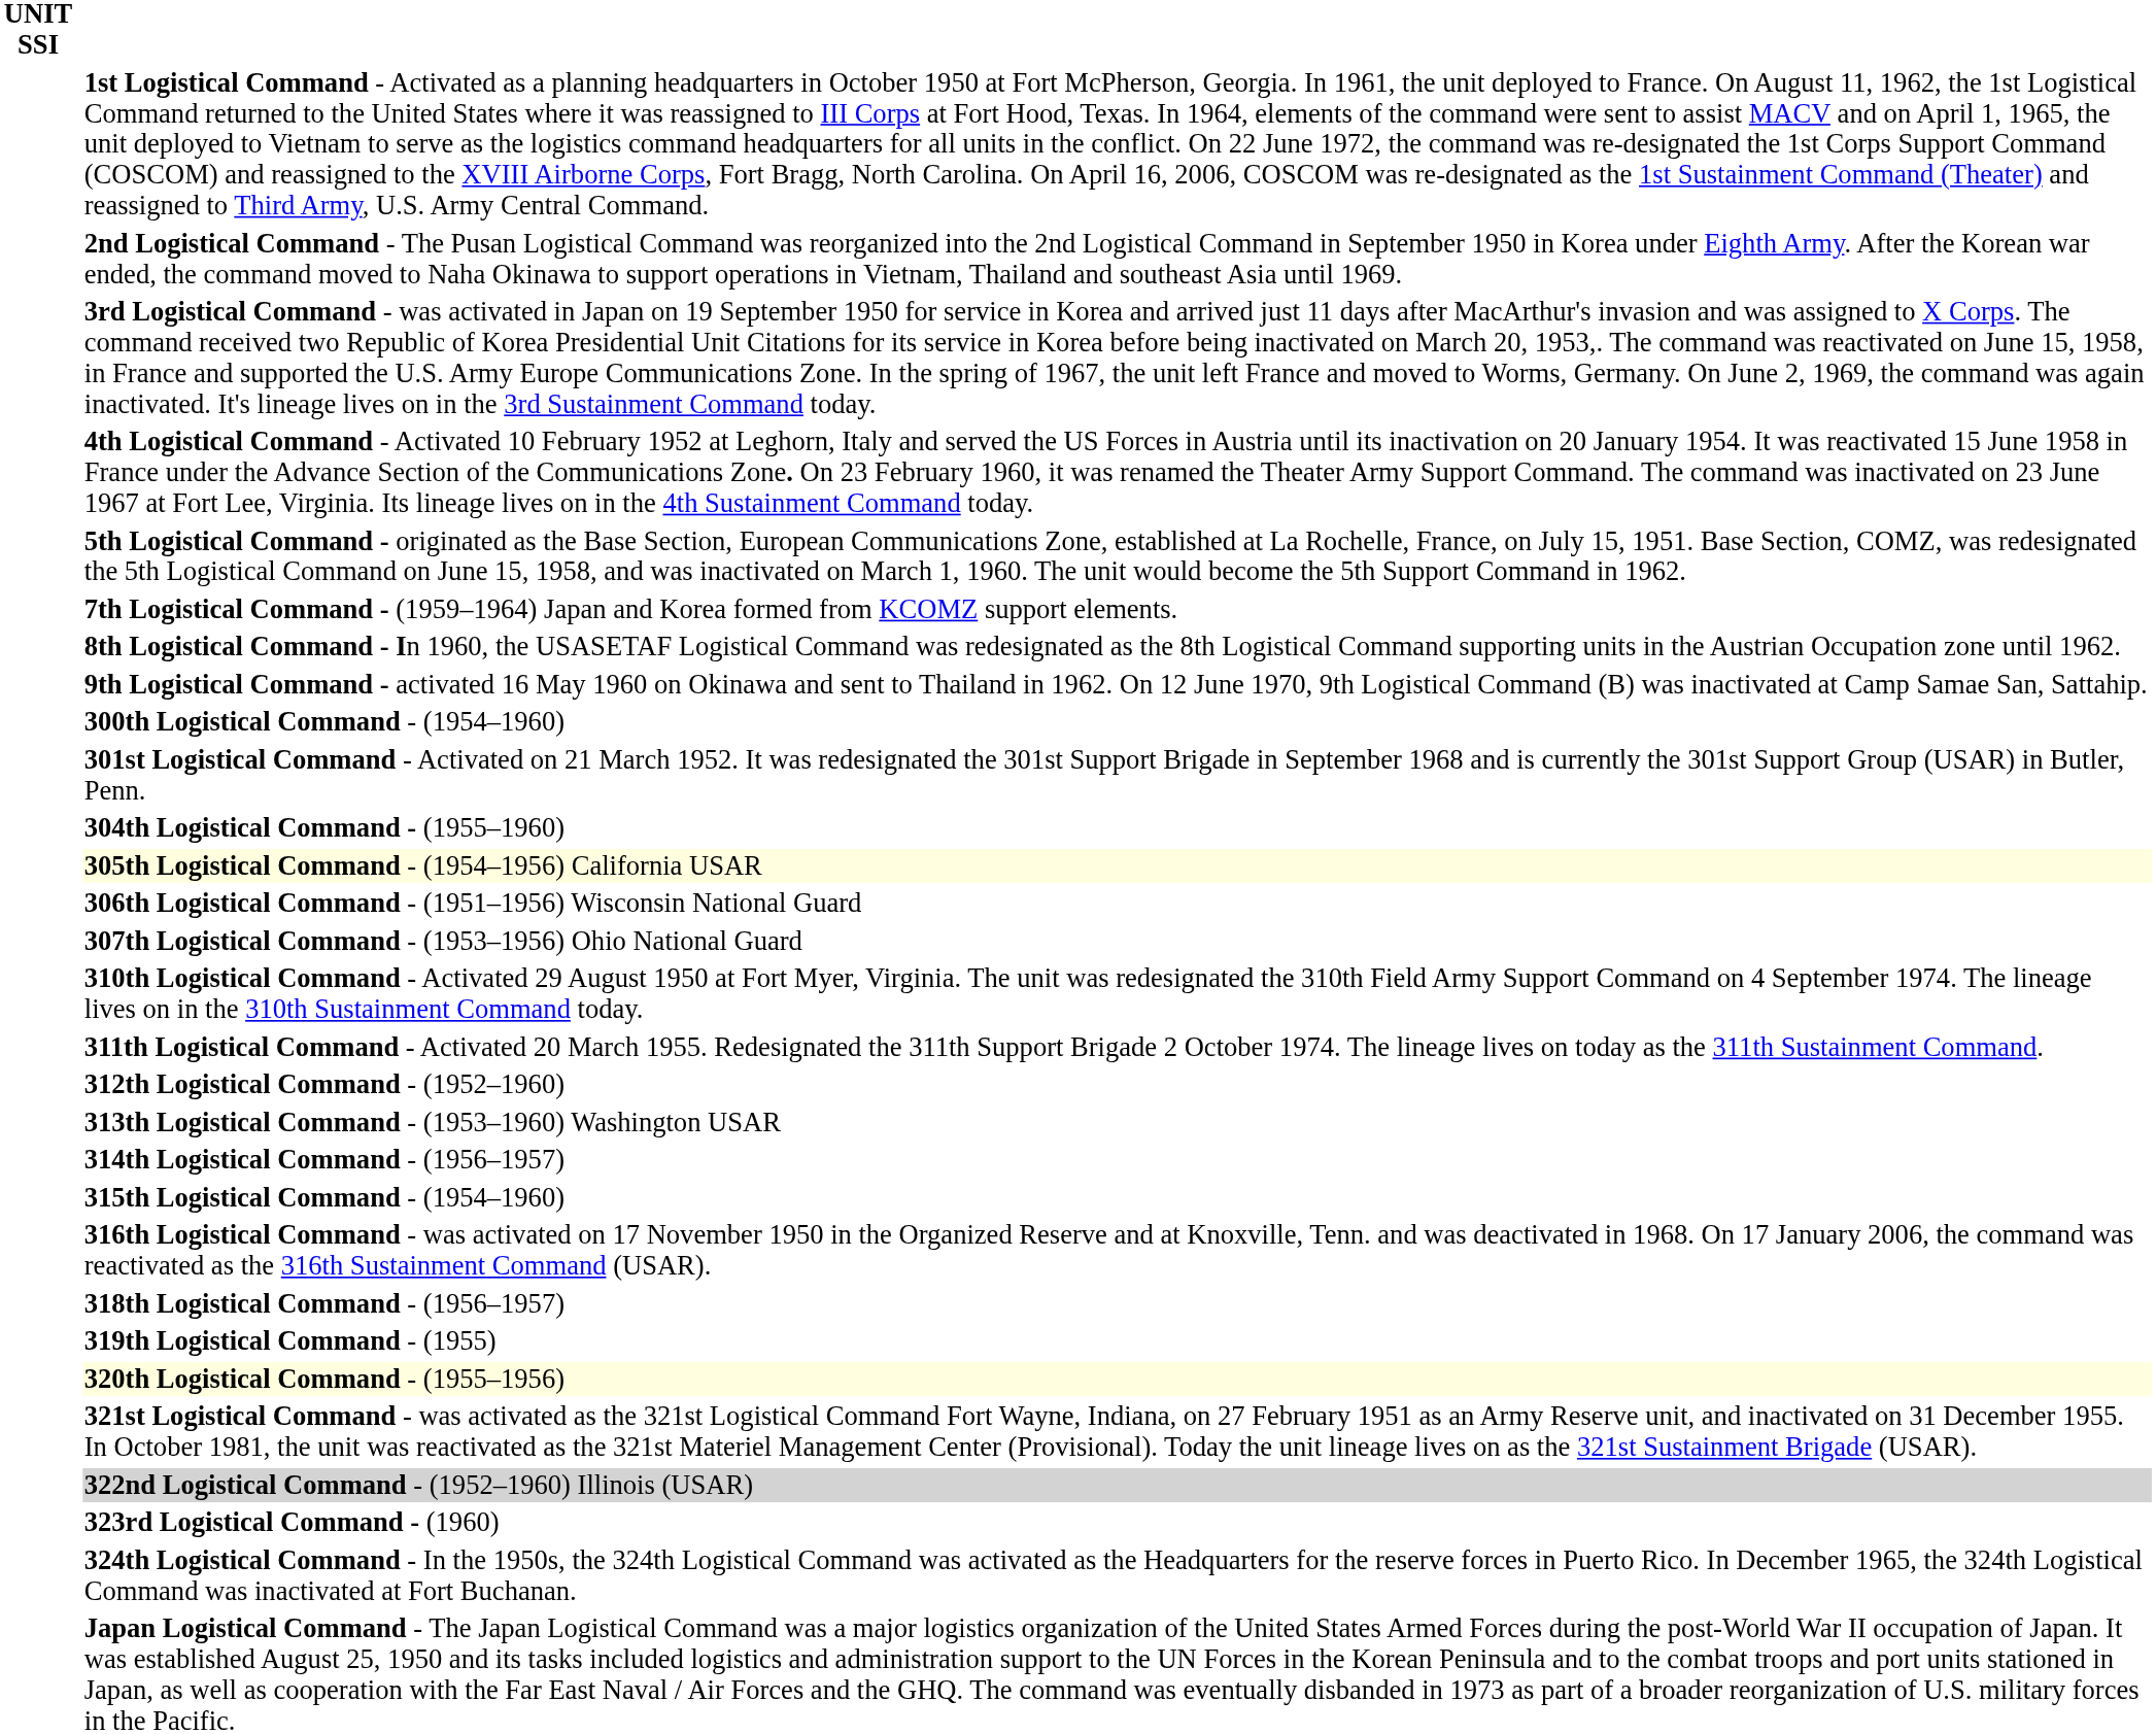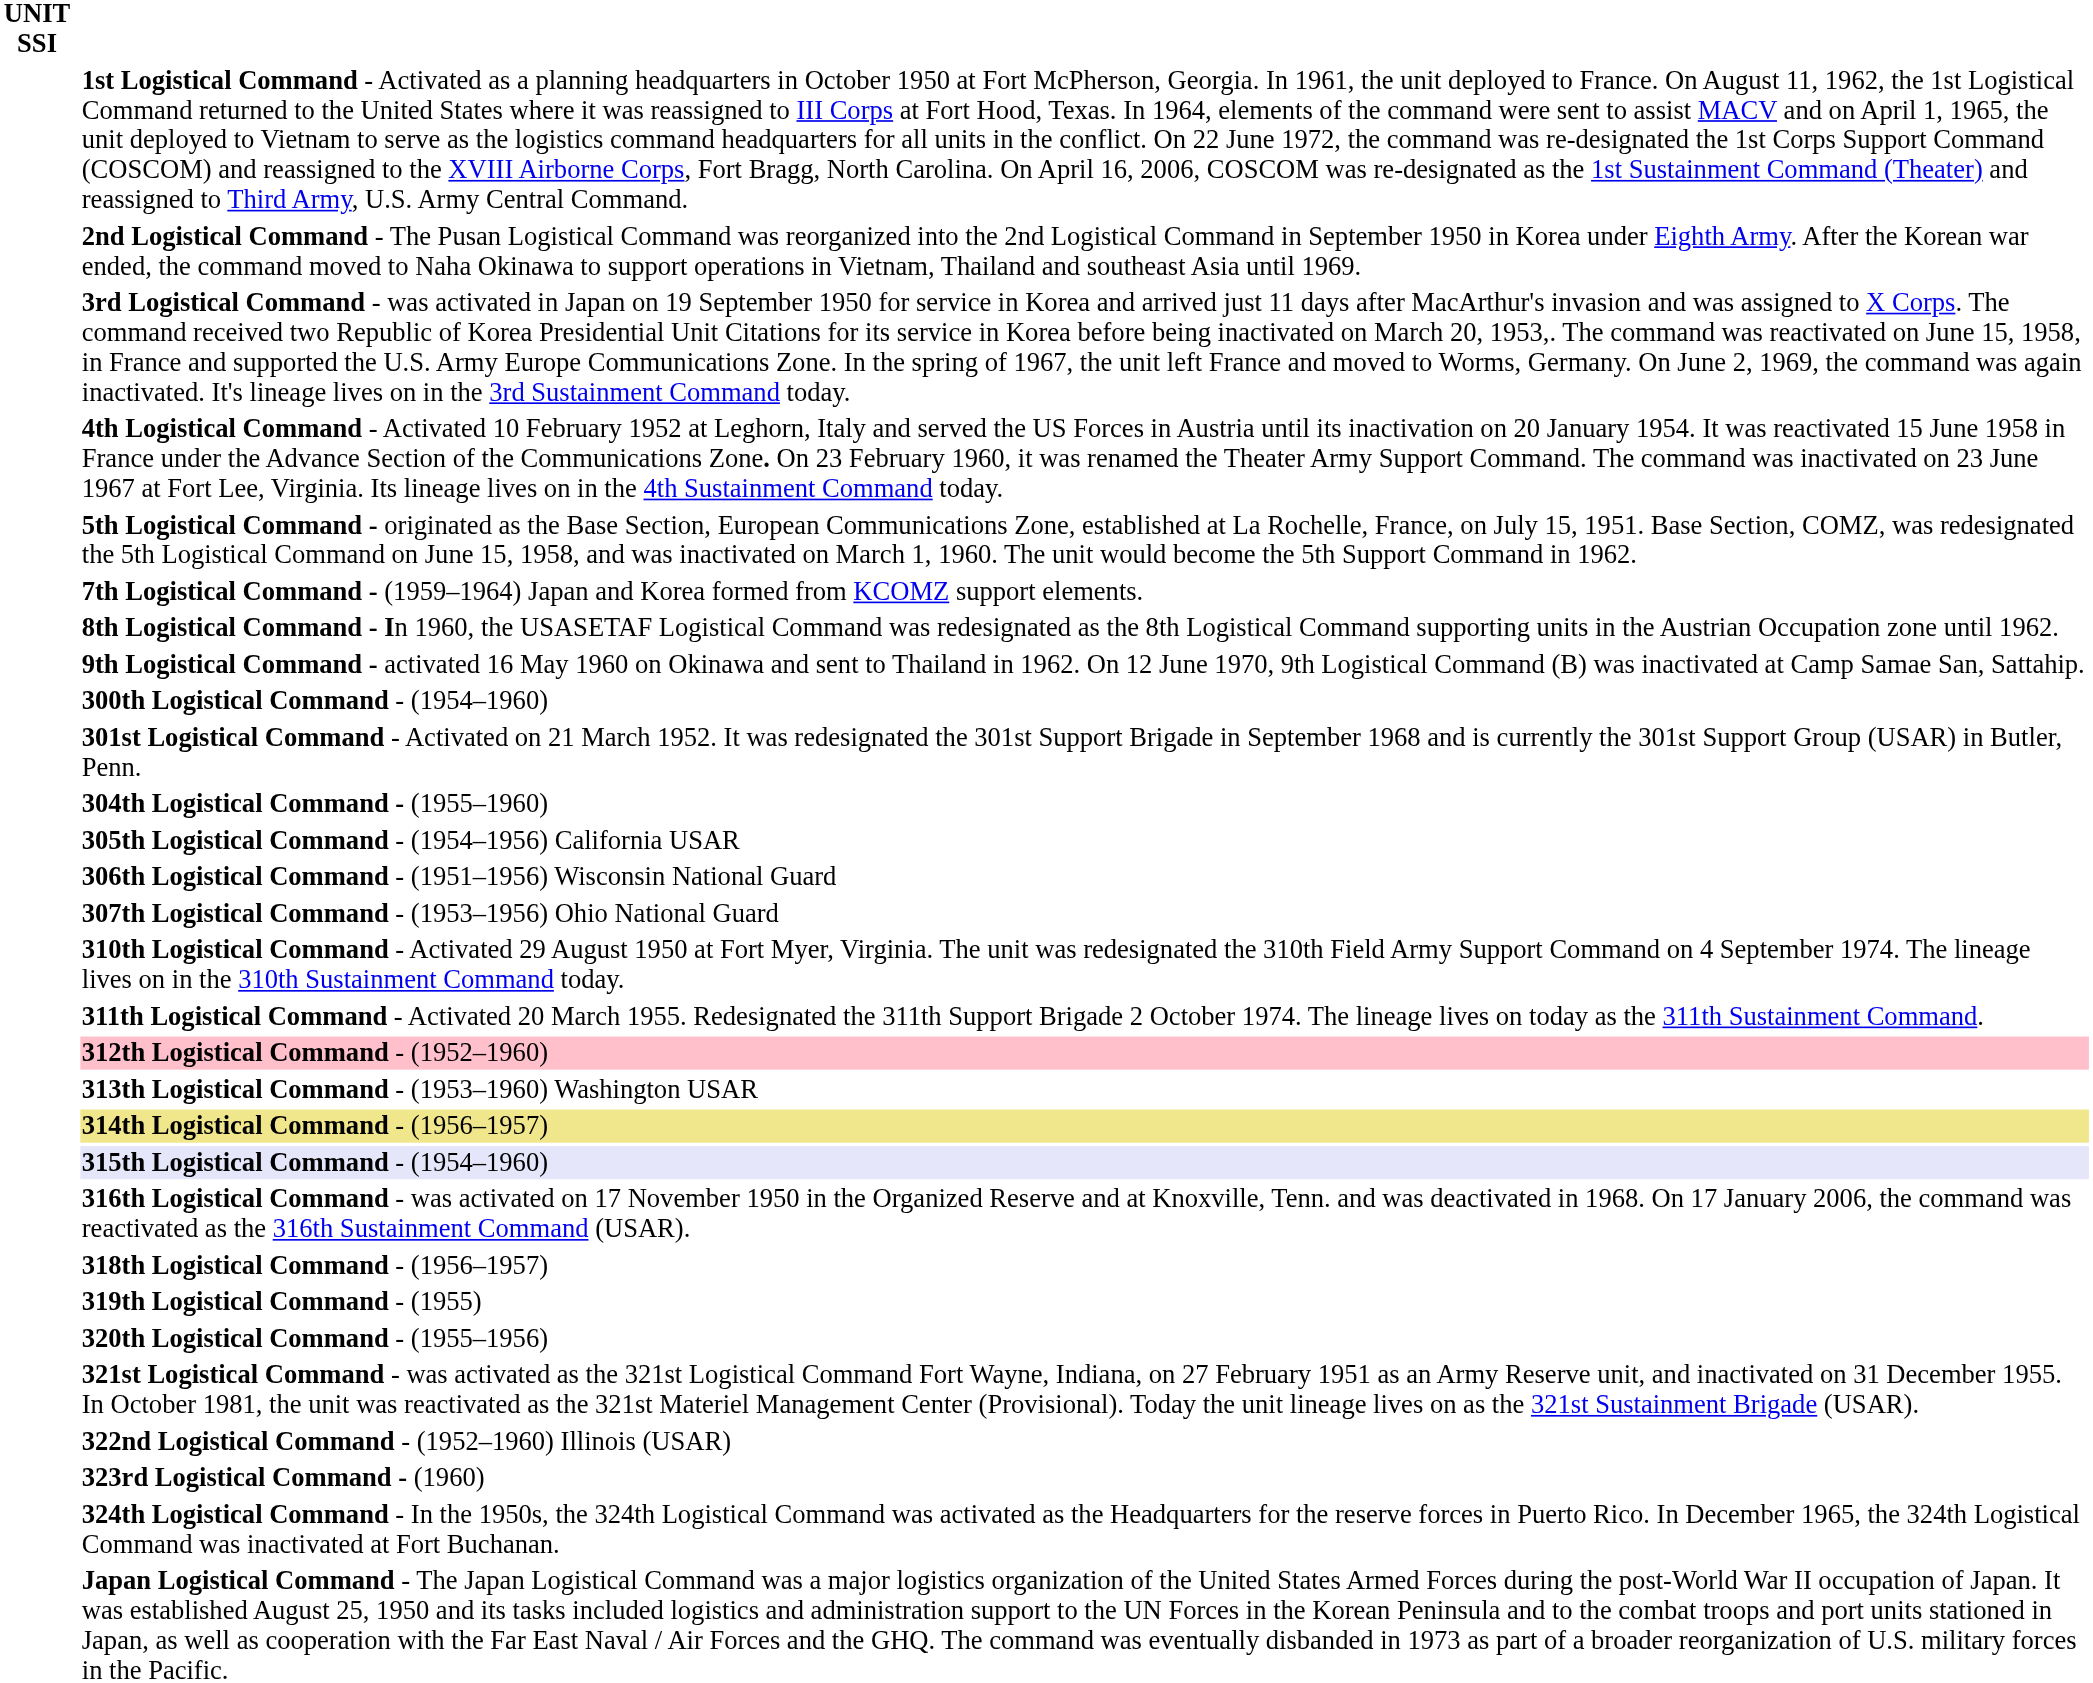 <table>
 <tr>
 <th>UNIT SSI</th>
 <th></th>
 </tr>
 <tr>
 <td></td>
 <td><strong>1st Logistical Command</strong> - Activated as a planning headquarters in October 1950 at Fort McPherson, Georgia.  In 1961, the unit deployed to France. On August 11, 1962, the 1st Logistical Command returned to the United States where it was reassigned to <a href='#'>III Corps</a> at Fort Hood, Texas.  In 1964, elements of the command were sent to assist <a href='#'>MACV</a> and on April 1, 1965, the unit deployed to Vietnam to serve as the logistics command headquarters for all units in the conflict.  On 22 June 1972, the command was re-designated the 1st Corps Support Command (COSCOM) and reassigned to the <a href='#'>XVIII Airborne Corps</a>, Fort Bragg, North Carolina. On April 16, 2006, COSCOM was re-designated as the <a href='#'>1st Sustainment Command (Theater)</a> and reassigned to <a href='#'>Third Army</a>, U.S. Army Central Command.</td>
 </tr>
 <tr>
 <td></td>
 <td><strong>2nd Logistical Command</strong> - The Pusan Logistical Command was reorganized into the 2nd Logistical Command in September 1950 in Korea under <a href='#'>Eighth Army</a>.  After the Korean war ended, the command moved to Naha Okinawa to support operations in Vietnam, Thailand and southeast Asia until 1969.</td>
 </tr>
 <tr>
 <td></td>
 <td><strong>3rd Logistical Command</strong> - was activated in Japan on 19 September 1950 for service in Korea and arrived  just 11 days after MacArthur's invasion and was assigned to <a href='#'>X Corps</a>.  The command received two Republic of Korea Presidential Unit Citations for its service in Korea before being inactivated on March 20, 1953,.  The command was reactivated on June 15, 1958, in France and supported the U.S. Army Europe Communications Zone. In the spring of 1967, the unit left France and moved to Worms, Germany. On June 2, 1969, the command was again inactivated.  It's lineage lives on in the <a href='#'>3rd Sustainment Command</a> today.</td>
 </tr>
 <tr>
 <td></td>
 <td><strong>4th Logistical Command</strong> - Activated 10 February 1952 at Leghorn, Italy and served the US Forces in Austria until its inactivation on 20 January 1954.  It was reactivated 15 June 1958 in France under the Advance Section of the Communications Zone<strong>.</strong>  On 23 February 1960, it was renamed the Theater Army Support Command.  The command was inactivated on 23 June 1967 at Fort Lee, Virginia.  Its lineage lives on in the <a href='#'>4th Sustainment Command</a> today.</td>
 </tr>
 <tr>
 <td></td>
 <td><strong>5th Logistical Command -</strong> originated as the Base Section, European Communications Zone, established at La Rochelle, France, on July 15, 1951.  Base Section, COMZ, was redesignated the 5th Logistical Command on June 15, 1958, and was inactivated on March 1, 1960.  The unit would become the 5th Support Command in 1962.</td>
 </tr>
 <tr>
 <td></td>
 <td><strong>7th Logistical Command -</strong> (1959–1964) Japan and Korea formed from <a href='#'>KCOMZ</a> support elements.</td>
 </tr>
 <tr>
 <td></td>
 <td><strong>8th Logistical Command - I</strong>n 1960, the USASETAF Logistical Command was redesignated as the 8th Logistical Command supporting units in the Austrian Occupation zone until 1962.</td>
 </tr>
 <tr>
 <td></td>
 <td><strong>9th Logistical Command -</strong> activated 16 May 1960 on Okinawa and sent to Thailand in 1962.  On 12 June 1970, 9th Logistical Command (B) was inactivated at Camp Samae San, Sattahip.</td>
 </tr>
 <tr>
 <td></td>
 <td><strong>300th Logistical Command</strong> - (1954–1960)</td>
 </tr>
 <tr>
 <td></td>
 <td><strong>301st Logistical Command</strong> - Activated on 21 March 1952. It was redesignated the 301st Support Brigade in September 1968 and is currently the 301st Support Group (USAR) in Butler, Penn.</td>
 </tr>
 <tr>
 <td></td>
 <td><strong>304th Logistical Command -</strong> (1955–1960)</td>
 </tr>
 <tr>
 <td></td>
-<td style="background: lightyellow;"><strong>305th Logistical Command</strong> - (1954–1956) California USAR</td>
+<td><strong>305th Logistical Command</strong> - (1954–1956) California USAR</td>
 </tr>
 <tr>
 <td></td>
 <td><strong>306th Logistical Command</strong> - (1951–1956) Wisconsin National Guard</td>
 </tr>
 <tr>
 <td></td>
 <td><strong>307th Logistical Command</strong> - (1953–1956) Ohio National Guard</td>
 </tr>
 <tr>
 <td></td>
 <td><strong>310th Logistical Command</strong> - Activated 29 August 1950 at Fort Myer, Virginia.  The unit was redesignated the 310th Field Army Support Command on 4 September 1974.  The lineage lives on in the <a href='#'>310th Sustainment Command</a> today.</td>
 </tr>
 <tr>
 <td></td>
 <td><strong>311th Logistical Command</strong> - Activated 20 March 1955.  Redesignated the 311th Support Brigade 2 October 1974.  The lineage lives on today as the <a href='#'>311th Sustainment Command</a>.</td>
 </tr>
 <tr>
 <td></td>
-<td><strong>312th Logistical Command</strong> - (1952–1960)</td>
+<td style="background: pink;"><strong>312th Logistical Command</strong> - (1952–1960)</td>
 </tr>
 <tr>
 <td></td>
 <td><strong>313th Logistical Command</strong> - (1953–1960) Washington USAR</td>
 </tr>
 <tr>
 <td></td>
-<td><strong>314th Logistical Command</strong> - (1956–1957)</td>
+<td style="background: khaki;"><strong>314th Logistical Command</strong> - (1956–1957)</td>
 </tr>
 <tr>
 <td></td>
-<td><strong>315th Logistical Command</strong> - (1954–1960)</td>
+<td style="background: lavender;"><strong>315th Logistical Command</strong> - (1954–1960)</td>
 </tr>
 <tr>
 <td></td>
 <td><strong>316th Logistical Command</strong> - was activated on 17 November 1950 in the Organized Reserve and at Knoxville, Tenn. and was deactivated in 1968.  On 17 January 2006, the command was reactivated as the <a href='#'>316th Sustainment Command</a> (USAR).</td>
 </tr>
 <tr>
 <td></td>
 <td><strong>318th Logistical Command</strong> - (1956–1957)</td>
 </tr>
 <tr>
 <td></td>
 <td><strong>319th Logistical Command</strong> - (1955)</td>
 </tr>
 <tr>
 <td></td>
-<td style="background: lightyellow;"><strong>320th Logistical Command</strong> - (1955–1956)</td>
+<td><strong>320th Logistical Command</strong> - (1955–1956)</td>
 </tr>
 <tr>
 <td></td>
 <td><strong>321st Logistical Command</strong> - was activated as the 321st Logistical Command Fort Wayne, Indiana, on 27 February 1951 as an Army Reserve unit, and inactivated on 31 December 1955. In October 1981, the unit was reactivated as the 321st Materiel Management Center (Provisional).  Today the unit lineage lives on as the <a href='#'>321st Sustainment Brigade</a> (USAR).</td>
 </tr>
 <tr>
 <td></td>
-<td style="background: lightgrey;"><strong>322nd Logistical Command</strong> - (1952–1960) Illinois (USAR)</td>
+<td><strong>322nd Logistical Command</strong> - (1952–1960) Illinois (USAR)</td>
 </tr>
 <tr>
 <td></td>
 <td><strong>323rd Logistical Command -</strong> (1960)</td>
 </tr>
 <tr>
 <td></td>
 <td><strong>324th Logistical Command</strong> - In the 1950s, the 324th Logistical Command was activated as the Headquarters for the reserve forces in Puerto Rico.  In December 1965, the 324th Logistical Command was inactivated at Fort Buchanan.</td>
 </tr>
 <tr>
 <td></td>
 <td><strong>Japan Logistical Command</strong> - The Japan Logistical Command was a major logistics organization of the United States Armed Forces during the post-World War II occupation of Japan. It was established August 25, 1950 and its tasks included logistics and administration support to the UN Forces in the Korean Peninsula and to the combat troops and port units stationed in Japan, as well as cooperation with the Far East Naval / Air Forces and the GHQ. The command was eventually disbanded in 1973 as part of a broader reorganization of U.S. military forces in the Pacific.</td>
 </tr>
 </table>
